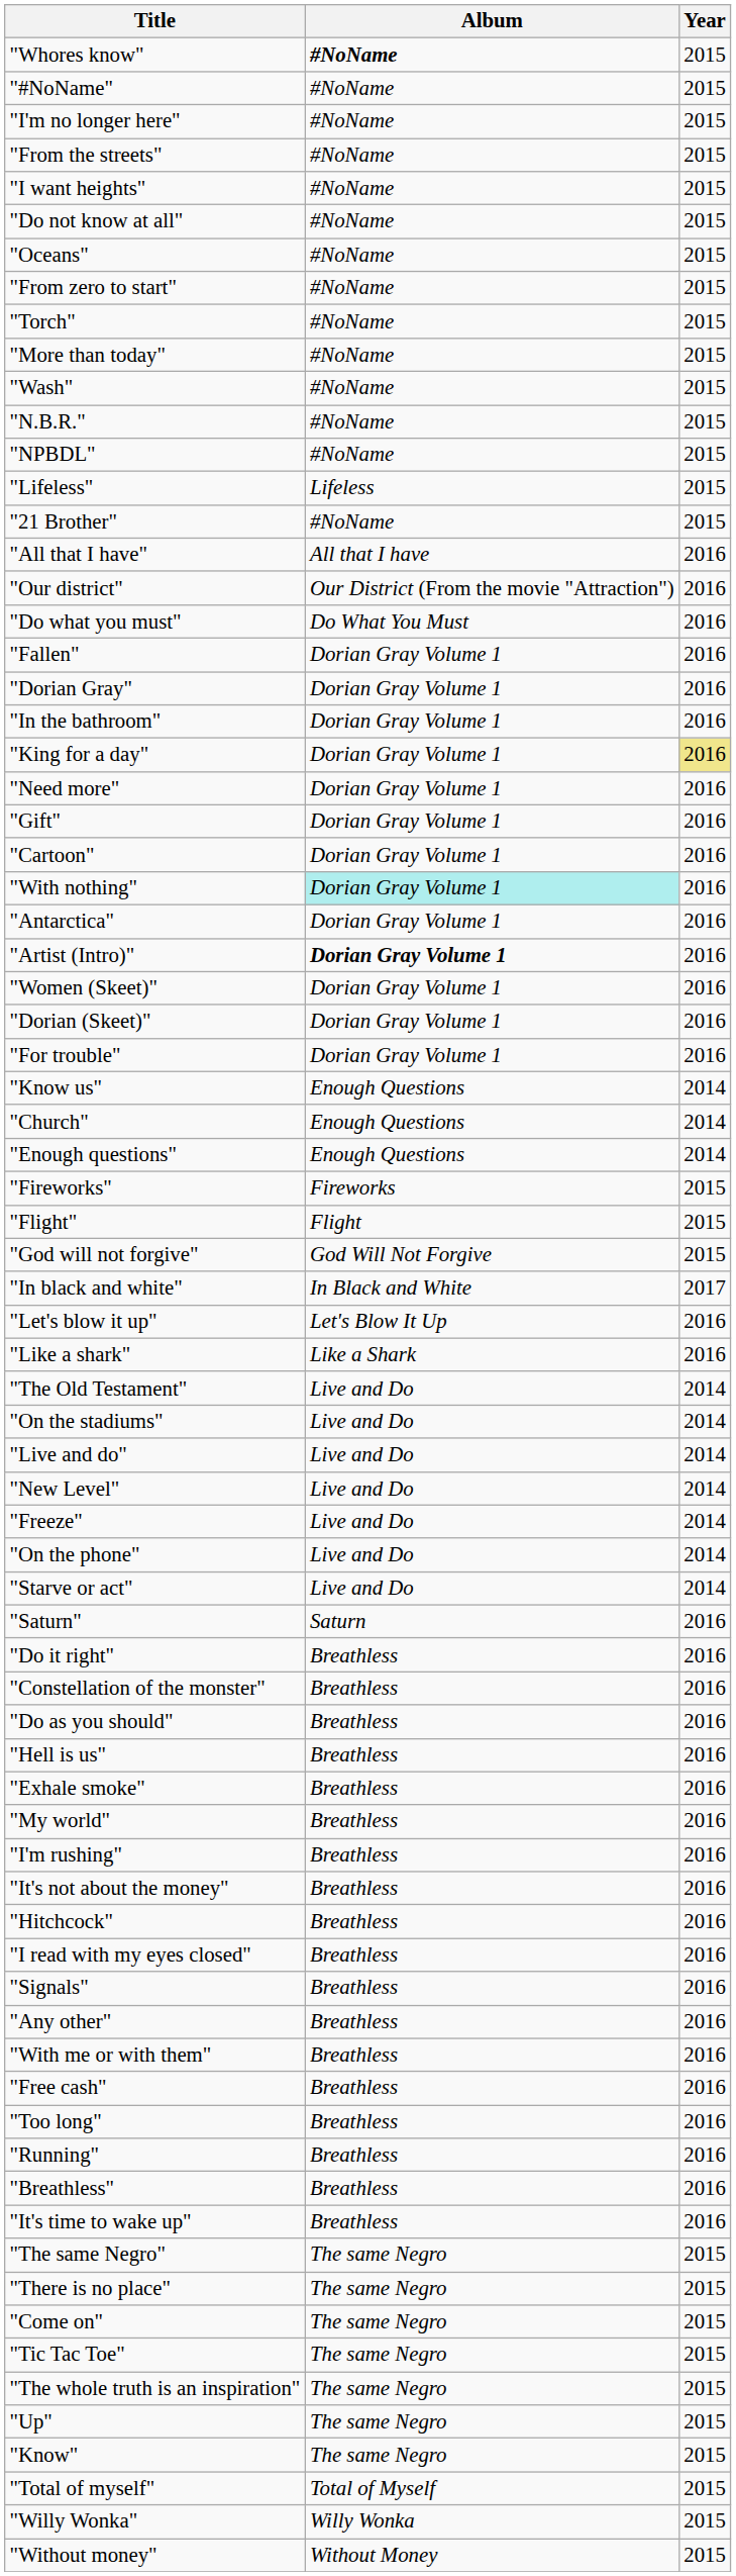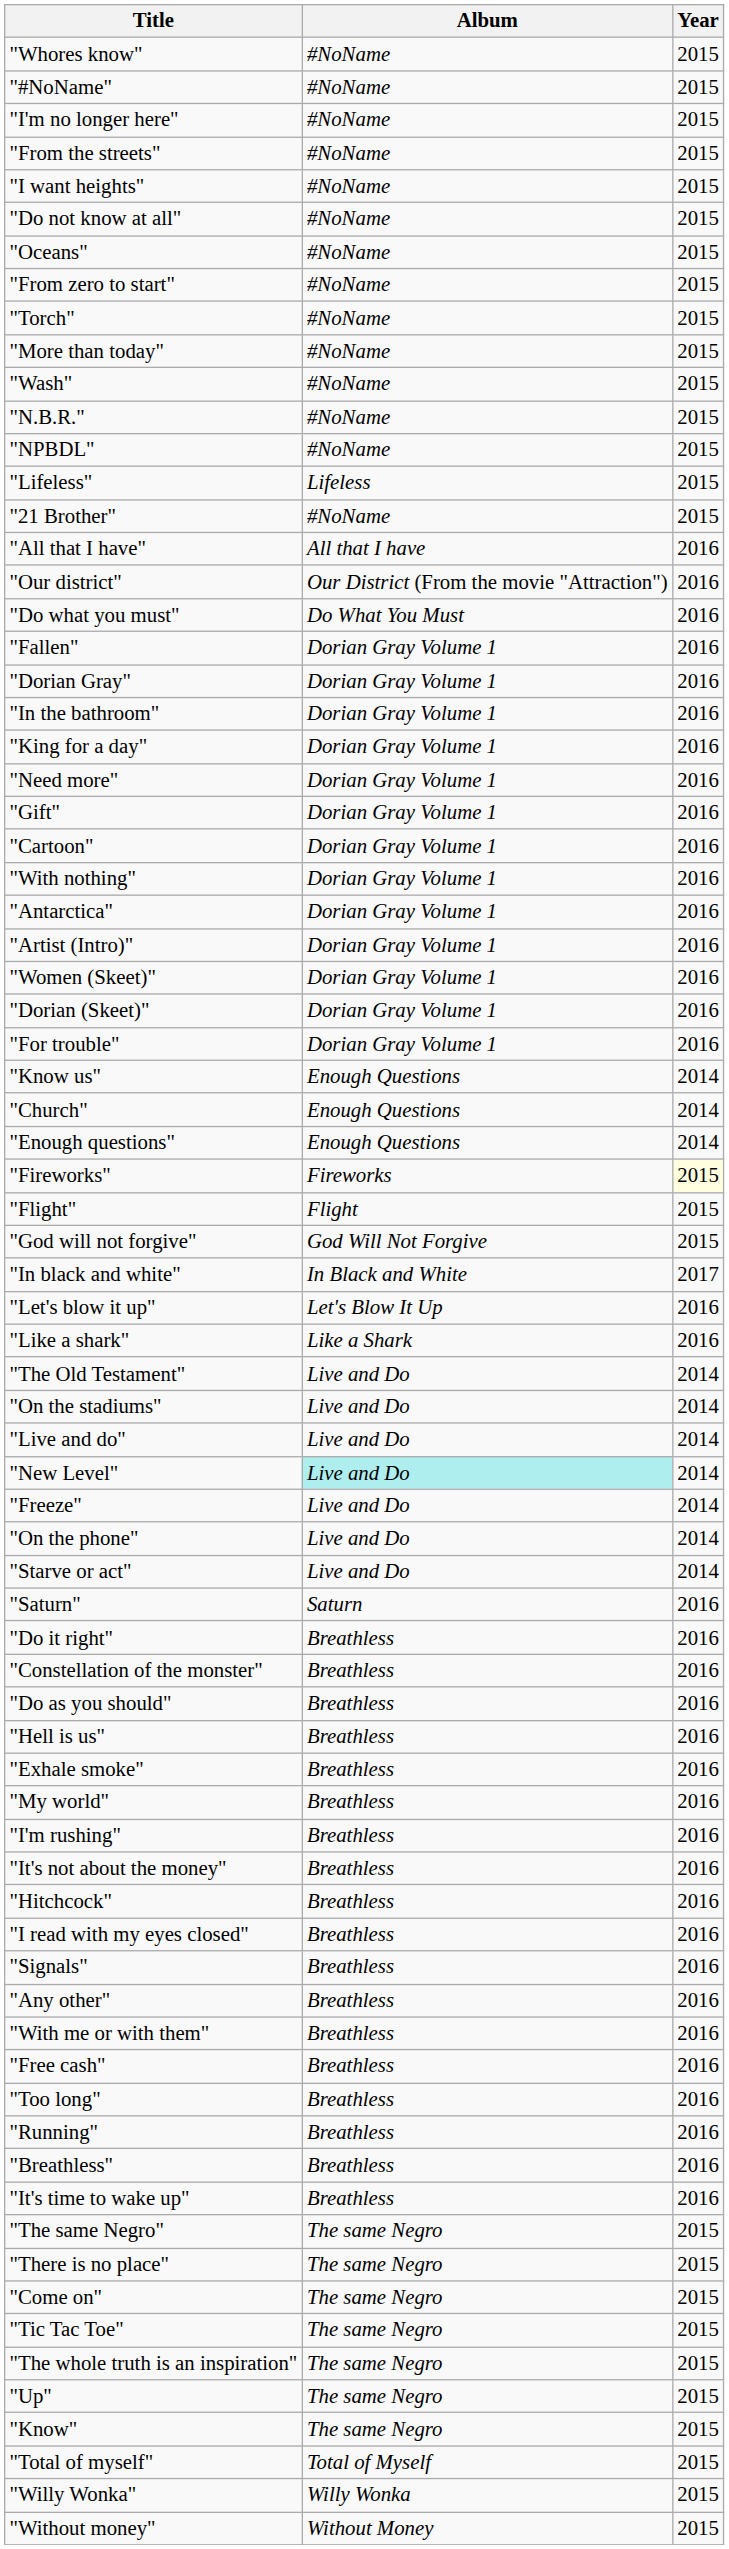 <table class="wikitable sortable mw-collapsible">
 <tr>
 <th>Title</th>
 <th>Album</th>
 <th>Year</th>
 </tr>
 <tr>
 <td>"Whores know"</td>
-<td><strong><em>#NoName</em></strong></td>
+<td><em>#NoName</em></td>
 <td>2015</td>
 </tr>
 <tr>
 <td>"#NoName"</td>
 <td><em>#NoName</em></td>
 <td>2015</td>
 </tr>
 <tr>
 <td>"I'm no longer here"</td>
 <td><em>#NoName</em></td>
 <td>2015</td>
 </tr>
 <tr>
 <td>"From the streets"</td>
 <td><em>#NoName</em></td>
 <td>2015</td>
 </tr>
 <tr>
 <td>"I want heights"</td>
 <td><em>#NoName</em></td>
 <td>2015</td>
 </tr>
 <tr>
 <td>"Do not know at all"</td>
 <td><em>#NoName</em></td>
 <td>2015</td>
 </tr>
 <tr>
 <td>"Oceans"</td>
 <td><em>#NoName</em></td>
 <td>2015</td>
 </tr>
 <tr>
 <td>"From zero to start"</td>
 <td><em>#NoName</em></td>
 <td>2015</td>
 </tr>
 <tr>
 <td>"Torch"</td>
 <td><em>#NoName</em></td>
 <td>2015</td>
 </tr>
 <tr>
 <td>"More than today"</td>
 <td><em>#NoName</em></td>
 <td>2015</td>
 </tr>
 <tr>
 <td>"Wash"</td>
 <td><em>#NoName</em></td>
 <td>2015</td>
 </tr>
 <tr>
 <td>"N.B.R."</td>
 <td><em>#NoName</em></td>
 <td>2015</td>
 </tr>
 <tr>
 <td>"NPBDL"</td>
 <td><em>#NoName</em></td>
 <td>2015</td>
 </tr>
 <tr>
 <td>"Lifeless"</td>
 <td><em>Lifeless</em></td>
 <td>2015</td>
 </tr>
 <tr>
 <td>"21 Brother"</td>
 <td><em>#NoName</em></td>
 <td>2015</td>
 </tr>
 <tr>
 <td>"All that I have"</td>
 <td><em>All that I have</em></td>
 <td>2016</td>
 </tr>
 <tr>
 <td>"Our district"</td>
 <td><em>Our District</em> (From the movie "Attraction")</td>
 <td>2016</td>
 </tr>
 <tr>
 <td>"Do what you must"</td>
 <td><em>Do What You Must</em></td>
 <td>2016</td>
 </tr>
 <tr>
 <td>"Fallen"</td>
 <td><em>Dorian Gray Volume 1</em></td>
 <td>2016</td>
 </tr>
 <tr>
 <td>"Dorian Gray"</td>
 <td><em>Dorian Gray Volume 1</em></td>
 <td>2016</td>
 </tr>
 <tr>
 <td>"In the bathroom"</td>
 <td><em>Dorian Gray Volume 1</em></td>
 <td>2016</td>
 </tr>
 <tr>
 <td>"King for a day"</td>
 <td><em>Dorian Gray Volume 1</em></td>
-<td style="background: khaki;">2016</td>
+<td>2016</td>
 </tr>
 <tr>
 <td>"Need more"</td>
 <td><em>Dorian Gray Volume 1</em></td>
 <td>2016</td>
 </tr>
 <tr>
 <td>"Gift"</td>
 <td><em>Dorian Gray Volume 1</em></td>
 <td>2016</td>
 </tr>
 <tr>
 <td>"Cartoon"</td>
 <td><em>Dorian Gray Volume 1</em></td>
 <td>2016</td>
 </tr>
 <tr>
 <td>"With nothing"</td>
-<td style="background: paleturquoise;"><em>Dorian Gray Volume 1</em></td>
+<td><em>Dorian Gray Volume 1</em></td>
 <td>2016</td>
 </tr>
 <tr>
 <td>"Antarctica"</td>
 <td><em>Dorian Gray Volume 1</em></td>
 <td>2016</td>
 </tr>
 <tr>
 <td>"Artist (Intro)"</td>
-<td><strong><em>Dorian Gray Volume 1</em></strong></td>
+<td><em>Dorian Gray Volume 1</em></td>
 <td>2016</td>
 </tr>
 <tr>
 <td>"Women (Skeet)"</td>
 <td><em>Dorian Gray Volume 1</em></td>
 <td>2016</td>
 </tr>
 <tr>
 <td>"Dorian (Skeet)"</td>
 <td><em>Dorian Gray Volume 1</em></td>
 <td>2016</td>
 </tr>
 <tr>
 <td>"For trouble"</td>
 <td><em>Dorian Gray Volume 1</em></td>
 <td>2016</td>
 </tr>
 <tr>
 <td>"Know us"</td>
 <td><em>Enough Questions</em></td>
 <td>2014</td>
 </tr>
 <tr>
 <td>"Church"</td>
 <td><em>Enough Questions</em></td>
 <td>2014</td>
 </tr>
 <tr>
 <td>"Enough questions"</td>
 <td><em>Enough Questions</em></td>
 <td>2014</td>
 </tr>
 <tr>
 <td>"Fireworks"</td>
 <td><em>Fireworks</em></td>
-<td>2015</td>
+<td style="background: lightyellow;">2015</td>
 </tr>
 <tr>
 <td>"Flight"</td>
 <td><em>Flight</em></td>
 <td>2015</td>
 </tr>
 <tr>
 <td>"God will not forgive"</td>
 <td><em>God Will Not Forgive</em></td>
 <td>2015</td>
 </tr>
 <tr>
 <td>"In black and white"</td>
 <td><em>In Black and White</em></td>
 <td>2017</td>
 </tr>
 <tr>
 <td>"Let's blow it up"</td>
 <td><em>Let's Blow It Up</em></td>
 <td>2016</td>
 </tr>
 <tr>
 <td>"Like a shark"</td>
 <td><em>Like a Shark</em></td>
 <td>2016</td>
 </tr>
 <tr>
 <td>"The Old Testament"</td>
 <td><em>Live and Do</em></td>
 <td>2014</td>
 </tr>
 <tr>
 <td>"On the stadiums"</td>
 <td><em>Live and Do</em></td>
 <td>2014</td>
 </tr>
 <tr>
 <td>"Live and do"</td>
 <td><em>Live and Do</em></td>
 <td>2014</td>
 </tr>
 <tr>
 <td>"New Level"</td>
-<td><em>Live and Do</em></td>
+<td style="background: paleturquoise;"><em>Live and Do</em></td>
 <td>2014</td>
 </tr>
 <tr>
 <td>"Freeze"</td>
 <td><em>Live and Do</em></td>
 <td>2014</td>
 </tr>
 <tr>
 <td>"On the phone"</td>
 <td><em>Live and Do</em></td>
 <td>2014</td>
 </tr>
 <tr>
 <td>"Starve or act"</td>
 <td><em>Live and Do</em></td>
 <td>2014</td>
 </tr>
 <tr>
 <td>"Saturn"</td>
 <td><em>Saturn</em></td>
 <td>2016</td>
 </tr>
 <tr>
 <td>"Do it right"</td>
 <td><em>Breathless</em></td>
 <td>2016</td>
 </tr>
 <tr>
 <td>"Constellation of the monster"</td>
 <td><em>Breathless</em></td>
 <td>2016</td>
 </tr>
 <tr>
 <td>"Do as you should"</td>
 <td><em>Breathless</em></td>
 <td>2016</td>
 </tr>
 <tr>
 <td>"Hell is us"</td>
 <td><em>Breathless</em></td>
 <td>2016</td>
 </tr>
 <tr>
 <td>"Exhale smoke"</td>
 <td><em>Breathless</em></td>
 <td>2016</td>
 </tr>
 <tr>
 <td>"My world"</td>
 <td><em>Breathless</em></td>
 <td>2016</td>
 </tr>
 <tr>
 <td>"I'm rushing"</td>
 <td><em>Breathless</em></td>
 <td>2016</td>
 </tr>
 <tr>
 <td>"It's not about the money"</td>
 <td><em>Breathless</em></td>
 <td>2016</td>
 </tr>
 <tr>
 <td>"Hitchcock"</td>
 <td><em>Breathless</em></td>
 <td>2016</td>
 </tr>
 <tr>
 <td>"I read with my eyes closed"</td>
 <td><em>Breathless</em></td>
 <td>2016</td>
 </tr>
 <tr>
 <td>"Signals"</td>
 <td><em>Breathless</em></td>
 <td>2016</td>
 </tr>
 <tr>
 <td>"Any other"</td>
 <td><em>Breathless</em></td>
 <td>2016</td>
 </tr>
 <tr>
 <td>"With me or with them"</td>
 <td><em>Breathless</em></td>
 <td>2016</td>
 </tr>
 <tr>
 <td>"Free cash"</td>
 <td><em>Breathless</em></td>
 <td>2016</td>
 </tr>
 <tr>
 <td>"Too long"</td>
 <td><em>Breathless</em></td>
 <td>2016</td>
 </tr>
 <tr>
 <td>"Running"</td>
 <td><em>Breathless</em></td>
 <td>2016</td>
 </tr>
 <tr>
 <td>"Breathless"</td>
 <td><em>Breathless</em></td>
 <td>2016</td>
 </tr>
 <tr>
 <td>"It's time to wake up"</td>
 <td><em>Breathless</em></td>
 <td>2016</td>
 </tr>
 <tr>
 <td>"The same Negro"</td>
 <td><em>The same Negro</em></td>
 <td>2015</td>
 </tr>
 <tr>
 <td>"There is no place"</td>
 <td><em>The same Negro</em></td>
 <td>2015</td>
 </tr>
 <tr>
 <td>"Come on"</td>
 <td><em>The same Negro</em></td>
 <td>2015</td>
 </tr>
 <tr>
 <td>"Tic Tac Toe"</td>
 <td><em>The same Negro</em></td>
 <td>2015</td>
 </tr>
 <tr>
 <td>"The whole truth is an inspiration"</td>
 <td><em>The same Negro</em></td>
 <td>2015</td>
 </tr>
 <tr>
 <td>"Up"</td>
 <td><em>The same Negro</em></td>
 <td>2015</td>
 </tr>
 <tr>
 <td>"Know"</td>
 <td><em>The same Negro</em></td>
 <td>2015</td>
 </tr>
 <tr>
 <td>"Total of myself"</td>
 <td><em>Total of Myself</em></td>
 <td>2015</td>
 </tr>
 <tr>
 <td>"Willy Wonka"</td>
 <td><em>Willy Wonka</em></td>
 <td>2015</td>
 </tr>
 <tr>
 <td>"Without money"</td>
 <td><em>Without Money</em></td>
 <td>2015</td>
 </tr>
 </table>
